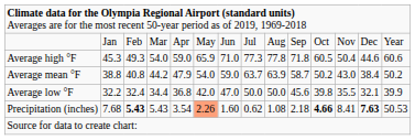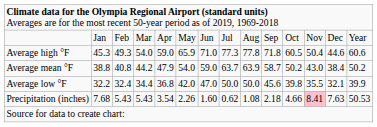 <table class="wikitable" align="center">
 <tr>
 <td colspan="14"><strong>Climate data for the Olympia Regional Airport (standard units)</strong><br>Averages are for the most recent 50-year period as of 2019, 1969-2018</td>
 </tr>
 <tr>
 <td></td>
 <td>Jan</td>
 <td>Feb</td>
 <td>Mar</td>
 <td>Apr</td>
 <td>May</td>
 <td>Jun</td>
 <td>Jul</td>
 <td>Aug</td>
 <td>Sep</td>
 <td>Oct</td>
 <td>Nov</td>
 <td>Dec</td>
 <td>Year</td>
 </tr>
 <tr>
 <td>Average high °F</td>
 <td>45.3</td>
 <td>49.3</td>
 <td>54.0</td>
 <td>59.0</td>
 <td>65.9</td>
 <td>71.0</td>
 <td>77.3</td>
 <td>77.8</td>
 <td>71.8</td>
 <td>60.5</td>
 <td>50.4</td>
 <td>44.6</td>
 <td>60.6</td>
 </tr>
 <tr>
 <td>Average mean °F</td>
 <td>38.8</td>
 <td>40.8</td>
 <td>44.2</td>
 <td>47.9</td>
 <td>54.0</td>
 <td>59.0</td>
 <td>63.7</td>
 <td>63.9</td>
 <td>58.7</td>
 <td>50.2</td>
 <td>43.0</td>
 <td>38.4</td>
 <td>50.2</td>
 </tr>
 <tr>
 <td>Average low °F</td>
 <td>32.2</td>
 <td>32.4</td>
 <td>34.4</td>
 <td>36.8</td>
 <td>42.0</td>
 <td>47.0</td>
 <td>50.0</td>
 <td>50.0</td>
 <td>45.6</td>
 <td>39.8</td>
 <td>35.5</td>
 <td>32.1</td>
 <td>39.9</td>
 </tr>
 <tr>
 <td>Precipitation (inches)</td>
 <td>7.68</td>
-<td><strong>5.43</strong></td>
+<td>5.43</td>
 <td>5.43</td>
 <td>3.54</td>
-<td style="background: lightsalmon;">2.26</td>
+<td>2.26</td>
 <td>1.60</td>
 <td>0.62</td>
 <td>1.08</td>
 <td>2.18</td>
-<td><strong>4.66</strong></td>
-<td>8.41</td>
-<td><strong>7.63</strong></td>
+<td>4.66</td>
+<td style="background: pink;">8.41</td>
+<td>7.63</td>
 <td>50.53</td>
 </tr>
 <tr>
 <td colspan="14">Source for data to create chart: </td>
 </tr>
 </table>
